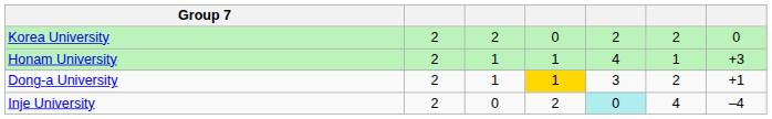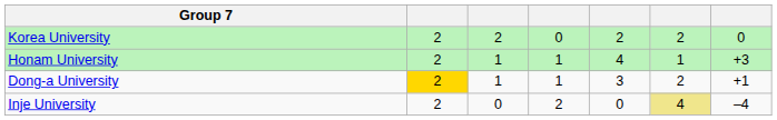 <table class="wikitable" style="text-align:center; width:100%;">
 <tr>
 <th width=240>Group 7</th>
 <th width=30></th>
 <th width=30></th>
 <th width=30></th>
 <th width=30></th>
 <th width=30></th>
 <th width=30></th>
 </tr>
 <tr bgcolor=#BBF3BB>
 <td align=left><a href='#'>Korea University</a></td>
 <td>2</td>
 <td>2</td>
 <td>0</td>
 <td>2</td>
 <td>2</td>
 <td>0</td>
 </tr>
 <tr bgcolor=#BBF3BB>
 <td align=left><a href='#'>Honam University</a></td>
 <td>2</td>
 <td>1</td>
 <td>1</td>
 <td>4</td>
 <td>1</td>
 <td>+3</td>
 </tr>
 <tr>
 <td align=left><a href='#'>Dong-a University</a></td>
-<td>2</td>
+<td style="background: gold;">2</td>
 <td>1</td>
-<td style="background: gold;">1</td>
+<td>1</td>
 <td>3</td>
 <td>2</td>
 <td>+1</td>
 </tr>
 <tr>
 <td align=left><a href='#'>Inje University</a></td>
 <td>2</td>
 <td>0</td>
 <td>2</td>
-<td style="background: paleturquoise;">0</td>
-<td>4</td>
+<td>0</td>
+<td style="background: khaki;">4</td>
 <td>–4</td>
 </tr>
 </table>
